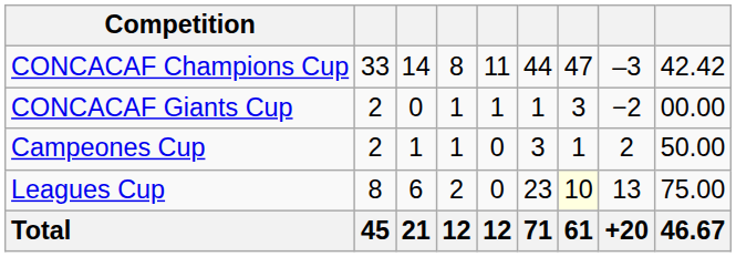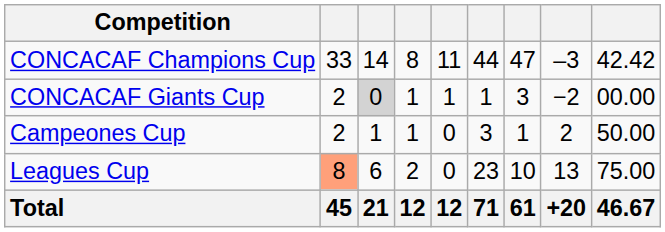 <table class="wikitable sortable" style="text-align:center;">
 <tr>
 <th>Competition</th>
 <th></th>
 <th></th>
 <th></th>
 <th></th>
 <th></th>
 <th></th>
 <th></th>
 <th></th>
 </tr>
 <tr>
 <td style="text-align:left;"><a href='#'>CONCACAF Champions Cup</a></td>
 <td>33</td>
 <td>14</td>
 <td>8</td>
 <td>11</td>
 <td>44</td>
 <td>47</td>
 <td>–3</td>
 <td>42.42</td>
 </tr>
 <tr>
 <td style="text-align:left;"><a href='#'>CONCACAF Giants Cup</a></td>
 <td>2</td>
-<td>0</td>
+<td style="background: lightgrey;">0</td>
 <td>1</td>
 <td>1</td>
 <td>1</td>
 <td>3</td>
 <td>−2</td>
 <td>00.00</td>
 </tr>
 <tr>
 <td style="text-align:left;"><a href='#'>Campeones Cup</a></td>
 <td>2</td>
 <td>1</td>
 <td>1</td>
 <td>0</td>
 <td>3</td>
 <td>1</td>
 <td>2</td>
 <td>50.00</td>
 </tr>
 <tr>
 <td style="text-align:left;"><a href='#'>Leagues Cup</a></td>
-<td>8</td>
+<td style="background: lightsalmon;">8</td>
 <td>6</td>
 <td>2</td>
 <td>0</td>
 <td>23</td>
-<td style="background: lightyellow;">10</td>
+<td>10</td>
 <td>13</td>
 <td>75.00</td>
 </tr>
 <tr>
 <th style="text-align:left;"><strong>Total</strong></th>
 <th><strong>45</strong></th>
 <th><strong>21</strong></th>
 <th><strong>12</strong></th>
 <th><strong>12</strong></th>
 <th><strong>71</strong></th>
 <th><strong>61</strong></th>
 <th><strong>+20</strong></th>
 <th>46.67</th>
 </tr>
 </table>
